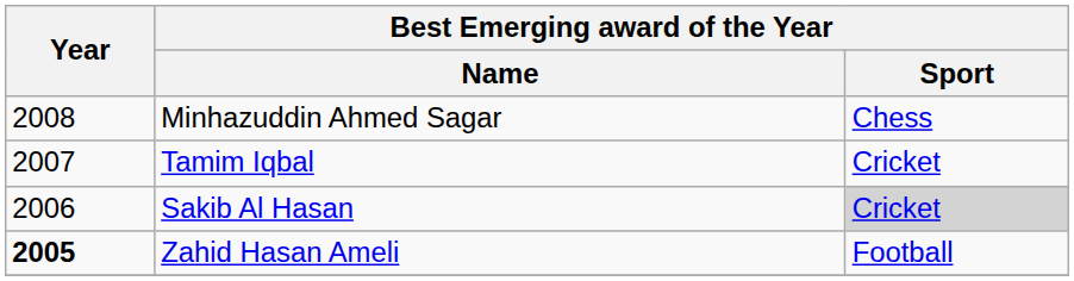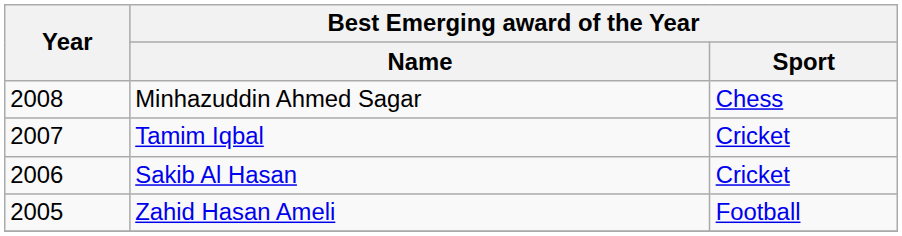 <table class="wikitable" style="text-align:left;" width=600px>
 <tr>
 <th rowspan=2>Year</th>
 <th colspan=2>Best Emerging award of the Year</th>
 </tr>
 <tr>
 <th>Name</th>
 <th>Sport</th>
 </tr>
 <tr>
 <td>2008 </td>
 <td>Minhazuddin Ahmed Sagar</td>
 <td><a href='#'>Chess</a></td>
 </tr>
 <tr>
 <td>2007</td>
 <td><a href='#'>Tamim Iqbal</a></td>
 <td><a href='#'>Cricket</a></td>
 </tr>
 <tr>
 <td>2006 </td>
 <td><a href='#'>Sakib Al Hasan</a></td>
-<td style="background: lightgrey;"><a href='#'>Cricket</a></td>
+<td><a href='#'>Cricket</a></td>
 </tr>
 <tr>
-<td><strong>2005</strong></td>
+<td>2005</td>
 <td><a href='#'>Zahid Hasan Ameli</a></td>
 <td><a href='#'>Football</a></td>
 </tr>
 <tr>
 </tr>
 </table>
